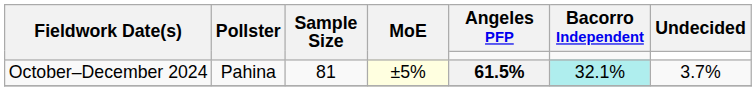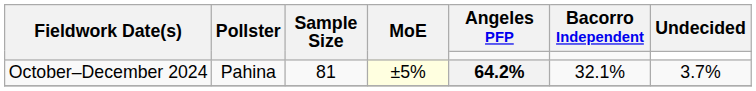 <table class="wikitable" style="text-align:center;font-size:90%;line-height:15px">
 <tr>
 <th rowspan="2">Fieldwork Date(s)</th>
 <th rowspan="2">Pollster</th>
 <th rowspan="2" style="width:60px;">Sample Size</th>
 <th rowspan="2" style="width:60px;">MoE</th>
 <th style="width:75px;">Angeles<br><small><a href='#'>PFP</a></small></th>
 <th style="width:75px;">Bacorro<br><small><a href='#'>Independent</a></small></th>
 <th style="width:75px;">Undecided</th>
 </tr>
 <tr>
 <td style="background:"></td>
 <td style="background:"></td>
 <td style="background:#FFFFFF;"></td>
 </tr>
 <tr>
 <td>October–December 2024</td>
 <td>Pahina</td>
 <td>81</td>
 <td style="background: lightyellow;">±5%</td>
-<th style="background-color:#">61.5%</th>
-<td style="background: paleturquoise;">32.1%</td>
+<th style="background-color:#">64.2%</th>
+<td>32.1%</td>
 <td>3.7%</td>
 </tr>
 <tr>
 </tr>
 </table>
